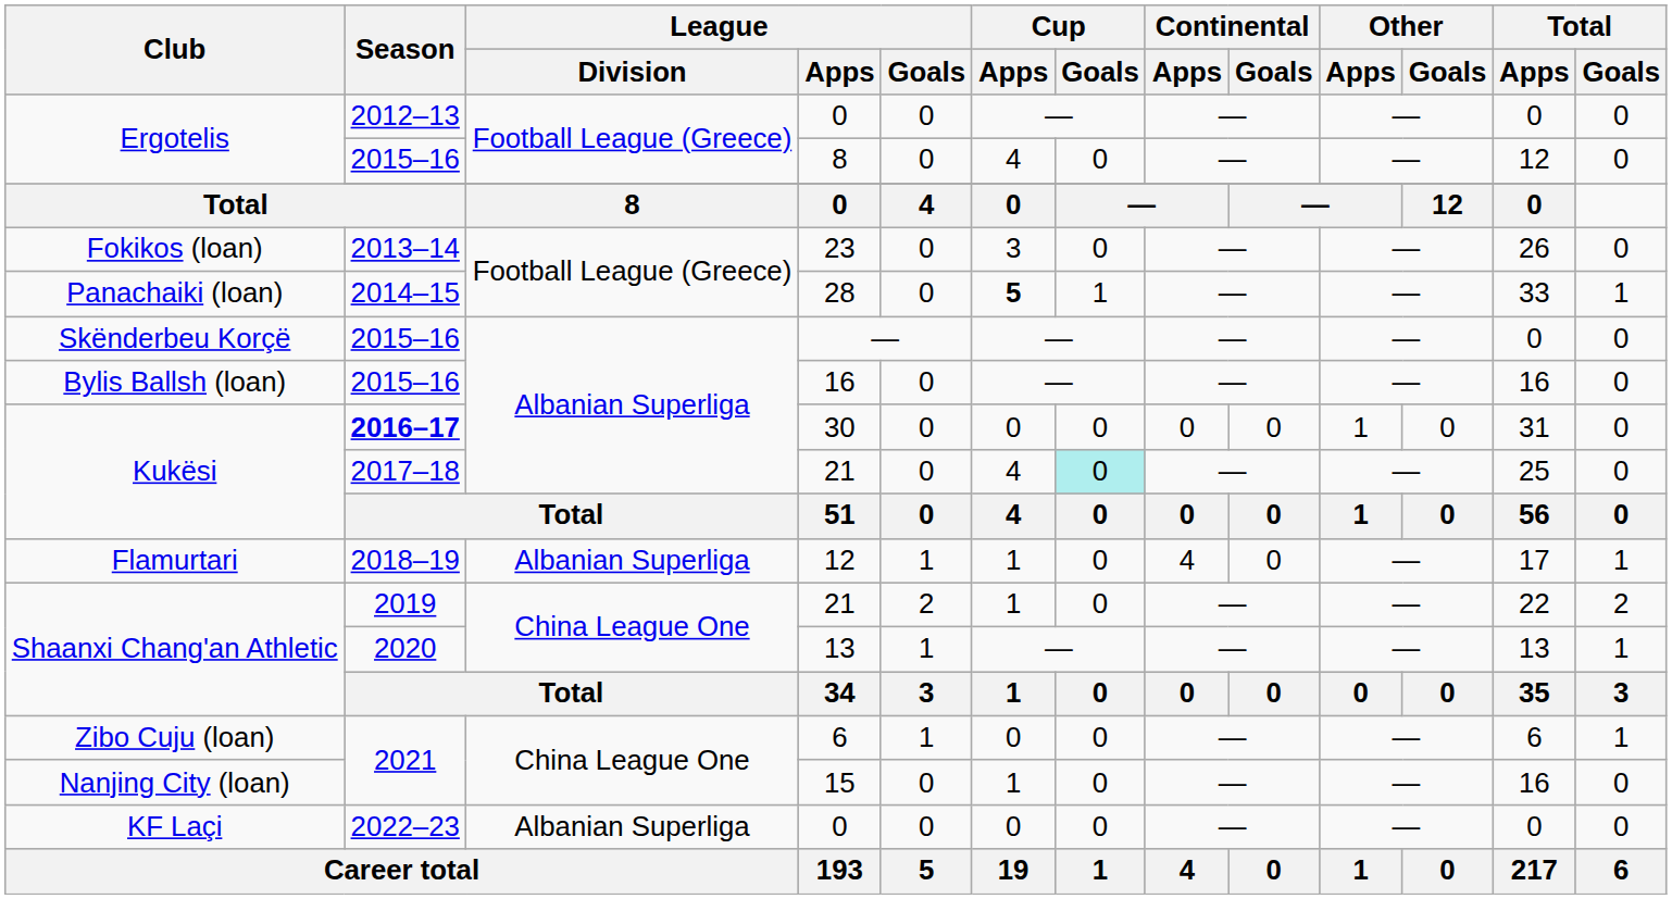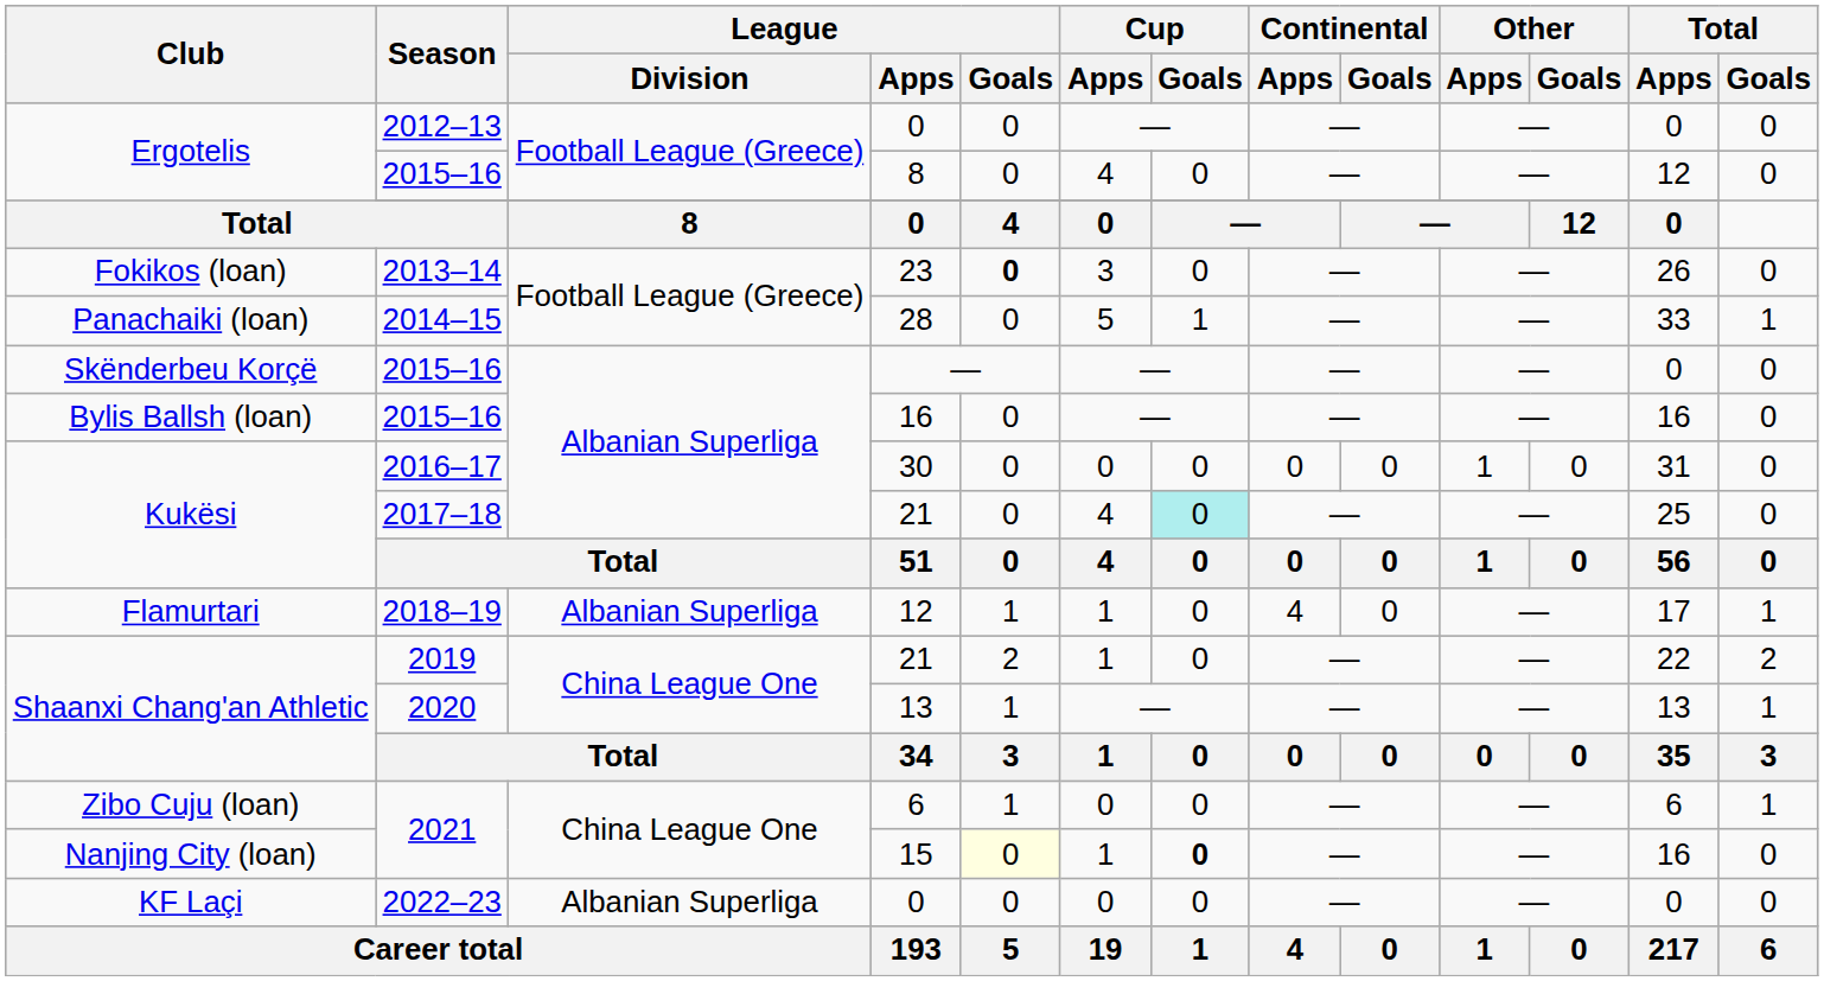 <table class="wikitable" style="text-align:center">
 <tr>
 <th rowspan="2">Club</th>
 <th rowspan="2">Season</th>
 <th colspan="3">League</th>
 <th colspan="2">Cup</th>
 <th colspan="2">Continental</th>
 <th colspan="2">Other</th>
 <th colspan="2">Total</th>
 </tr>
 <tr>
 <th>Division</th>
 <th>Apps</th>
 <th>Goals</th>
 <th>Apps</th>
 <th>Goals</th>
 <th>Apps</th>
 <th>Goals</th>
 <th>Apps</th>
 <th>Goals</th>
 <th>Apps</th>
 <th>Goals</th>
 </tr>
 <tr>
 <td rowspan="3" valign="center"><a href='#'>Ergotelis</a></td>
 <td><a href='#'>2012–13</a></td>
 <td rowspan="2"><a href='#'>Football League (Greece)</a></td>
 <td>0</td>
 <td>0</td>
 <td colspan="2">—</td>
 <td colspan="2">—</td>
 <td colspan="2">—</td>
 <td>0</td>
 <td>0</td>
 </tr>
 <tr>
 <td><a href='#'>2015–16</a></td>
 <td>8</td>
 <td>0</td>
 <td>4</td>
 <td>0</td>
 <td colspan="2">—</td>
 <td colspan="2">—</td>
 <td>12</td>
 <td>0</td>
 </tr>
 <tr>
 </tr>
 <tr>
 <th colspan="2" valign="center">Total</th>
 <th>8</th>
 <th>0</th>
 <th>4</th>
 <th>0</th>
 <th colspan="2">—</th>
 <th colspan="2">—</th>
 <th>12</th>
 <th>0</th>
 </tr>
 <tr>
 <td rowspan="1" valign="center"><a href='#'>Fokikos</a> (loan)</td>
 <td><a href='#'>2013–14</a></td>
 <td rowspan="2">Football League (Greece)</td>
 <td>23</td>
-<td>0</td>
+<td><strong>0</strong></td>
 <td>3</td>
 <td>0</td>
 <td colspan="2">—</td>
 <td colspan="2">—</td>
 <td>26</td>
 <td>0</td>
 </tr>
 <tr>
 <td rowspan="1" valign="center"><a href='#'>Panachaiki</a> (loan)</td>
 <td><a href='#'>2014–15</a></td>
 <td>28</td>
 <td>0</td>
-<td><strong>5</strong></td>
+<td>5</td>
 <td>1</td>
 <td colspan="2">—</td>
 <td colspan="2">—</td>
 <td>33</td>
 <td>1</td>
 </tr>
 <tr>
 <td rowspan="1" valign="center"><a href='#'>Skënderbeu Korçë</a></td>
 <td><a href='#'>2015–16</a></td>
 <td rowspan="4"><a href='#'>Albanian Superliga</a></td>
 <td colspan="2">—</td>
 <td colspan="2">—</td>
 <td colspan="2">—</td>
 <td colspan="2">—</td>
 <td>0</td>
 <td>0</td>
 </tr>
 <tr>
 <td rowspan="1" valign="center"><a href='#'>Bylis Ballsh</a> (loan)</td>
 <td><a href='#'>2015–16</a></td>
 <td>16</td>
 <td>0</td>
 <td colspan="2">—</td>
 <td colspan="2">—</td>
 <td colspan="2">—</td>
 <td>16</td>
 <td>0</td>
 </tr>
 <tr>
 <td rowspan="3" valign="center"><a href='#'>Kukësi</a></td>
-<td><strong><a href='#'>2016–17</a></strong></td>
+<td><a href='#'>2016–17</a></td>
 <td>30</td>
 <td>0</td>
 <td>0</td>
 <td>0</td>
 <td>0</td>
 <td>0</td>
 <td>1</td>
 <td>0</td>
 <td>31</td>
 <td>0</td>
 </tr>
 <tr>
 <td><a href='#'>2017–18</a></td>
 <td>21</td>
 <td>0</td>
 <td>4</td>
 <td style="background: paleturquoise;">0</td>
 <td colspan="2">—</td>
 <td colspan="2">—</td>
 <td>25</td>
 <td>0</td>
 </tr>
 <tr>
 <th colspan="2" valign="center">Total</th>
 <th>51</th>
 <th>0</th>
 <th>4</th>
 <th>0</th>
 <th>0</th>
 <th>0</th>
 <th>1</th>
 <th>0</th>
 <th>56</th>
 <th>0</th>
 </tr>
 <tr>
 <td><a href='#'>Flamurtari</a></td>
 <td><a href='#'>2018–19</a></td>
 <td><a href='#'>Albanian Superliga</a></td>
 <td>12</td>
 <td>1</td>
 <td>1</td>
 <td>0</td>
 <td>4</td>
 <td>0</td>
 <td colspan="2">—</td>
 <td>17</td>
 <td>1</td>
 </tr>
 <tr>
 <td rowspan=3><a href='#'>Shaanxi Chang'an Athletic</a></td>
 <td><a href='#'>2019</a></td>
 <td rowspan=2><a href='#'>China League One</a></td>
 <td>21</td>
 <td>2</td>
 <td>1</td>
 <td>0</td>
 <td colspan="2">—</td>
 <td colspan="2">—</td>
 <td>22</td>
 <td>2</td>
 </tr>
 <tr>
 <td><a href='#'>2020</a></td>
 <td>13</td>
 <td>1</td>
 <td colspan="2">—</td>
 <td colspan="2">—</td>
 <td colspan="2">—</td>
 <td>13</td>
 <td>1</td>
 </tr>
 <tr>
 <th colspan="2" valign="center">Total</th>
 <th>34</th>
 <th>3</th>
 <th>1</th>
 <th>0</th>
 <th>0</th>
 <th>0</th>
 <th>0</th>
 <th>0</th>
 <th>35</th>
 <th>3</th>
 </tr>
 <tr>
 <td><a href='#'>Zibo Cuju</a> (loan)</td>
 <td rowspan=2><a href='#'>2021</a></td>
 <td rowspan=2>China League One</td>
 <td>6</td>
 <td>1</td>
 <td>0</td>
 <td>0</td>
 <td colspan="2">—</td>
 <td colspan="2">—</td>
 <td>6</td>
 <td>1</td>
 </tr>
 <tr>
 <td><a href='#'>Nanjing City</a> (loan)</td>
 <td>15</td>
-<td>0</td>
+<td style="background: lightyellow;">0</td>
 <td>1</td>
-<td>0</td>
+<td><strong>0</strong></td>
 <td colspan="2">—</td>
 <td colspan="2">—</td>
 <td>16</td>
 <td>0</td>
 </tr>
 <tr>
 <td><a href='#'>KF Laçi</a></td>
 <td><a href='#'>2022–23</a></td>
 <td>Albanian Superliga</td>
 <td>0</td>
 <td>0</td>
 <td>0</td>
 <td>0</td>
 <td colspan="2">—</td>
 <td colspan="2">—</td>
 <td>0</td>
 <td>0</td>
 </tr>
 <tr>
 <th colspan="3">Career total</th>
 <th>193</th>
 <th>5</th>
 <th>19</th>
 <th>1</th>
 <th>4</th>
 <th>0</th>
 <th>1</th>
 <th>0</th>
 <th>217</th>
 <th>6</th>
 </tr>
 </table>
